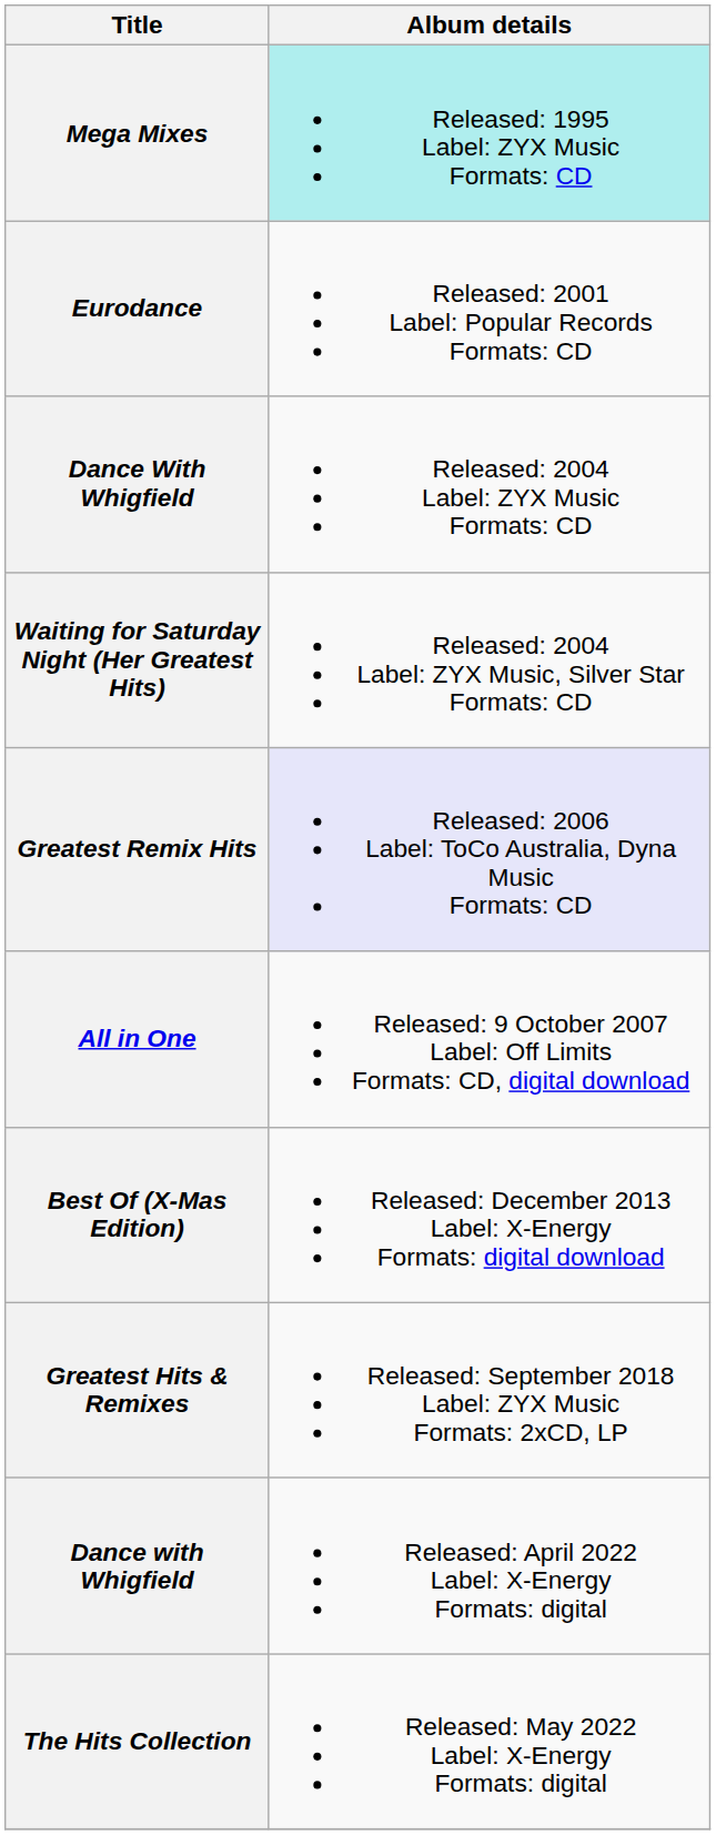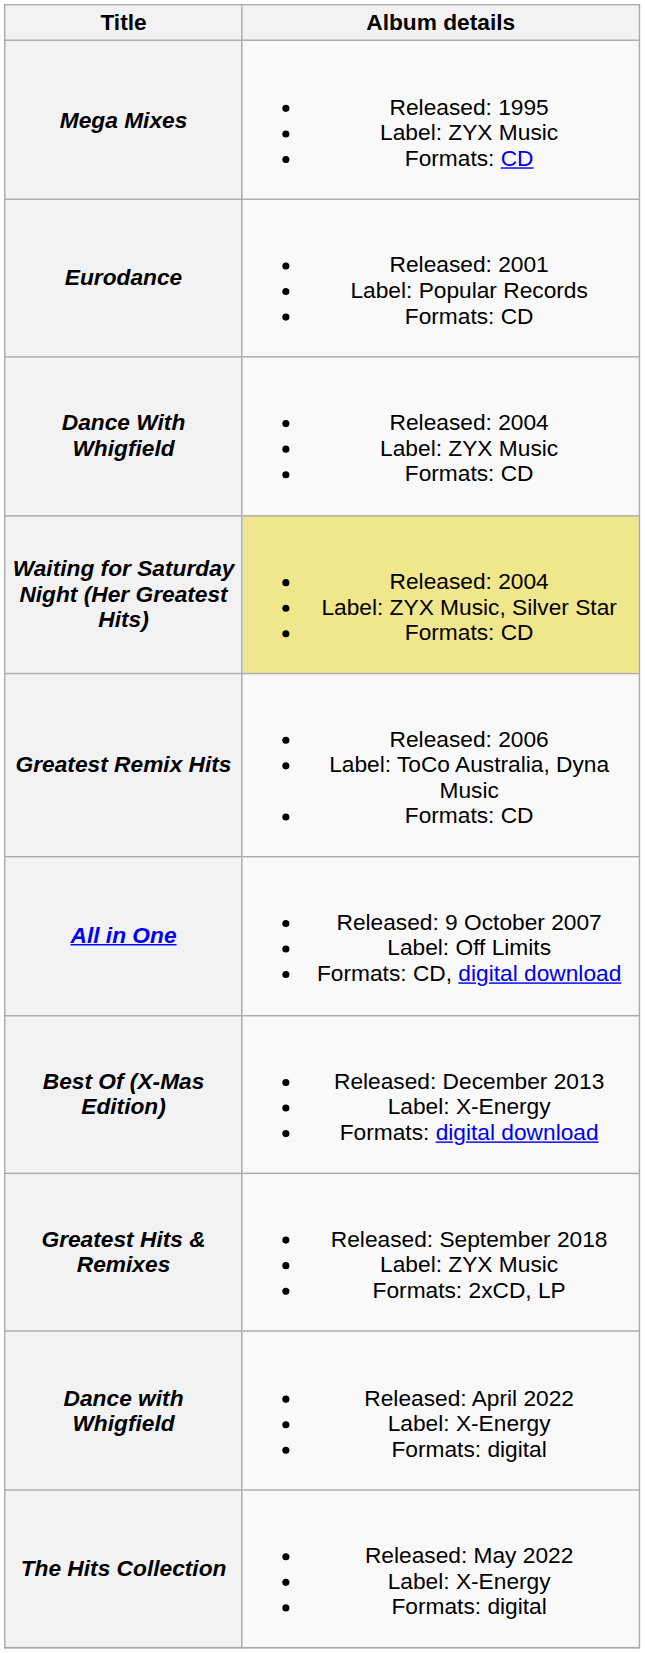 <table class="wikitable plainrowheaders" style="text-align:center;">
 <tr>
 <th scope="col" rowspan="1" style="width:10em;">Title</th>
 <th scope="col" rowspan="1" style="width:17em;">Album details</th>
 </tr>
 <tr>
 <th scope="row"><em>Mega Mixes</em></th>
-<td style="background: paleturquoise;"><br><ul><li>Released: 1995</li><li>Label: ZYX Music</li><li>Formats: <a href='#'>CD</a></li></ul></td>
+<td><br><ul><li>Released: 1995</li><li>Label: ZYX Music</li><li>Formats: <a href='#'>CD</a></li></ul></td>
 </tr>
 <tr>
 <th scope="row"><em>Eurodance</em> </th>
 <td><br><ul><li>Released: 2001</li><li>Label: Popular Records</li><li>Formats: CD</li></ul></td>
 </tr>
 <tr>
 <th scope="row"><em>Dance With Whigfield</em> </th>
 <td><br><ul><li>Released: 2004</li><li>Label: ZYX Music</li><li>Formats: CD</li></ul></td>
 </tr>
 <tr>
 <th scope="row"><em>Waiting for Saturday Night (Her Greatest Hits)</em> </th>
-<td><br><ul><li>Released: 2004</li><li>Label: ZYX Music, Silver Star</li><li>Formats: CD</li></ul></td>
+<td style="background: khaki;"><br><ul><li>Released: 2004</li><li>Label: ZYX Music, Silver Star</li><li>Formats: CD</li></ul></td>
 </tr>
 <tr>
 <th scope="row"><em>Greatest Remix Hits</em> </th>
-<td style="background: lavender;"><br><ul><li>Released: 2006</li><li>Label: ToCo Australia, Dyna Music</li><li>Formats: CD</li></ul></td>
+<td><br><ul><li>Released: 2006</li><li>Label: ToCo Australia, Dyna Music</li><li>Formats: CD</li></ul></td>
 </tr>
 <tr>
 <th scope="row"><em><a href='#'>All in One</a></em></th>
 <td><br><ul><li>Released: 9 October 2007</li><li>Label: Off Limits</li><li>Formats: CD, <a href='#'>digital download</a></li></ul></td>
 </tr>
 <tr>
 <th scope="row"><em>Best Of (X-Mas Edition)</em></th>
 <td><br><ul><li>Released: December 2013</li><li>Label: X-Energy</li><li>Formats: <a href='#'>digital download</a></li></ul></td>
 </tr>
 <tr>
 <th scope="row"><em>Greatest Hits & Remixes</em></th>
 <td><br><ul><li>Released: September 2018</li><li>Label: ZYX Music</li><li>Formats: 2xCD, LP</li></ul></td>
 </tr>
 <tr>
 <th scope="row"><em>Dance with Whigfield</em></th>
 <td><br><ul><li>Released: April 2022</li><li>Label: X-Energy</li><li>Formats: digital</li></ul></td>
 </tr>
 <tr>
 <th scope="row"><em>The Hits Collection</em></th>
 <td><br><ul><li>Released: May 2022</li><li>Label: X-Energy</li><li>Formats: digital</li></ul></td>
 </tr>
 <tr>
 </tr>
 </table>
